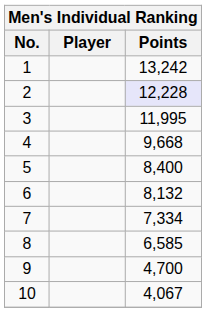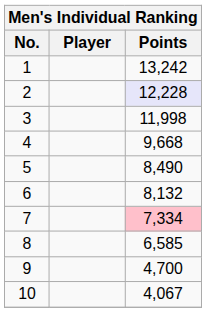 <table class="wikitable nowrap" style="text-align:center; display:inline-table;">
 <tr>
 <th colspan="4" scope="col">Men's Individual Ranking <br> </th>
 </tr>
 <tr>
 <th scope="col">No.</th>
 <th scope="col">Player</th>
 <th scope="col">Points</th>
 </tr>
 <tr>
 <td>1</td>
 <td style="text-align:left;"></td>
 <td>13,242</td>
 </tr>
 <tr>
 <td>2</td>
 <td style="text-align:left;"></td>
 <td style="background: lavender;">12,228</td>
 </tr>
 <tr>
 <td>3</td>
 <td style="text-align:left;"></td>
-<td>11,995</td>
+<td>11,998</td>
 </tr>
 <tr>
 <td>4</td>
 <td style="text-align:left;"></td>
 <td>9,668</td>
 </tr>
 <tr>
 <td>5</td>
 <td style="text-align:left;"></td>
-<td>8,400</td>
+<td>8,490</td>
 </tr>
 <tr>
 <td>6</td>
 <td style="text-align:left;"></td>
 <td>8,132</td>
 </tr>
 <tr>
 <td>7</td>
 <td style="text-align:left;"></td>
-<td>7,334</td>
+<td style="background: pink;">7,334</td>
 </tr>
 <tr>
 <td>8</td>
 <td style="text-align:left;"></td>
 <td>6,585</td>
 </tr>
 <tr>
 <td>9</td>
 <td style="text-align:left;"></td>
 <td>4,700</td>
 </tr>
 <tr>
 <td>10</td>
 <td style="text-align:left;"></td>
 <td>4,067</td>
 </tr>
 <tr>
 </tr>
 </table>
